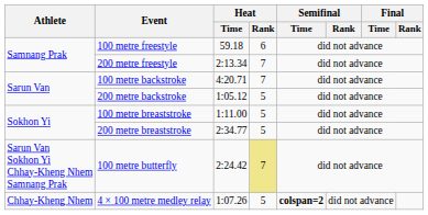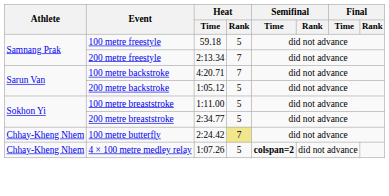 <table class=wikitable style="font-size:90%">
 <tr>
 <th rowspan="2">Athlete</th>
 <th rowspan="2">Event</th>
 <th colspan="2">Heat</th>
 <th colspan="2">Semifinal</th>
 <th colspan="2">Final</th>
 </tr>
 <tr style="font-size:95%">
 <th>Time</th>
 <th>Rank</th>
 <th>Time</th>
 <th>Rank</th>
 <th>Time</th>
 <th>Rank</th>
 </tr>
 <tr align=center>
 <td style="text-align:left;" rowspan=2><a href='#'>Samnang Prak</a></td>
 <td style="text-align:left;"><a href='#'>100 metre freestyle</a></td>
 <td>59.18</td>
-<td>6</td>
+<td>5</td>
 <td colspan=4>did not advance</td>
 </tr>
 <tr align=center>
 <td style="text-align:left;"><a href='#'>200 metre freestyle</a></td>
 <td>2:13.34</td>
 <td>7</td>
 <td colspan=4>did not advance</td>
 </tr>
 <tr align=center>
 <td style="text-align:left;" rowspan=2><a href='#'>Sarun Van</a></td>
 <td style="text-align:left;"><a href='#'>100 metre backstroke</a></td>
 <td>4:20.71</td>
 <td>7</td>
 <td colspan=4>did not advance</td>
 </tr>
 <tr align=center>
 <td align=left><a href='#'>200 metre backstroke</a></td>
 <td>1:05.12</td>
 <td>5</td>
 <td colspan=4>did not advance</td>
 </tr>
 <tr align=center>
 <td style="text-align:left;" rowspan="2"><a href='#'>Sokhon Yi</a></td>
 <td align=left><a href='#'>100 metre breaststroke</a></td>
 <td>1:11.00</td>
 <td>5</td>
 <td colspan=4>did not advance</td>
 </tr>
 <tr align=center>
 <td align=left><a href='#'>200 metre breaststroke</a></td>
 <td>2:34.77</td>
 <td>5</td>
 <td colspan=4>did not advance</td>
 </tr>
 <tr align=center>
-<td style="text-align:left;"><a href='#'>Sarun Van</a><br><a href='#'>Sokhon Yi</a><br><a href='#'>Chhay-Kheng Nhem</a><br><a href='#'>Samnang Prak</a></td>
+<td style="text-align:left;"><a href='#'>Chhay-Kheng Nhem</a></td>
 <td style="text-align:left;"><a href='#'>100 metre butterfly</a></td>
 <td>2:24.42</td>
 <td style="background: khaki;">7</td>
 <td colspan=4>did not advance</td>
 </tr>
 <tr align=center>
 <td style="text-align:left;"><a href='#'>Chhay-Kheng Nhem</a></td>
 <td align=left><a href='#'>4 × 100 metre medley relay</a></td>
 <td>1:07.26</td>
 <td>5</td>
 <td><strong>colspan=2 </strong></td>
 <td colspan=2>did not advance</td>
 </tr>
 </table>
